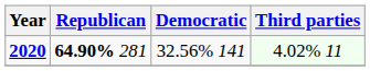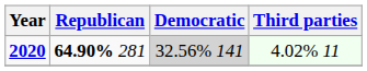 <table class="wikitable" style="float:right; font-size:95%;">
 <tr bgcolor=lightgrey>
 <th>Year</th>
 <th><a href='#'>Republican</a></th>
 <th><a href='#'>Democratic</a></th>
 <th><a href='#'>Third parties</a></th>
 </tr>
 <tr>
 <td style="text-align:center;" ><strong><a href='#'>2020</a></strong></td>
 <td style="text-align:center;" ><strong>64.90%</strong> <em>281</em></td>
-<td style="text-align:center;" >32.56% <em>141</em></td>
+<td style="background: lightgrey; text-align:center;" >32.56% <em>141</em></td>
 <td style="text-align:center; background:honeyDew;">4.02% <em>11</em></td>
 </tr>
 <tr>
 </tr>
 </table>
